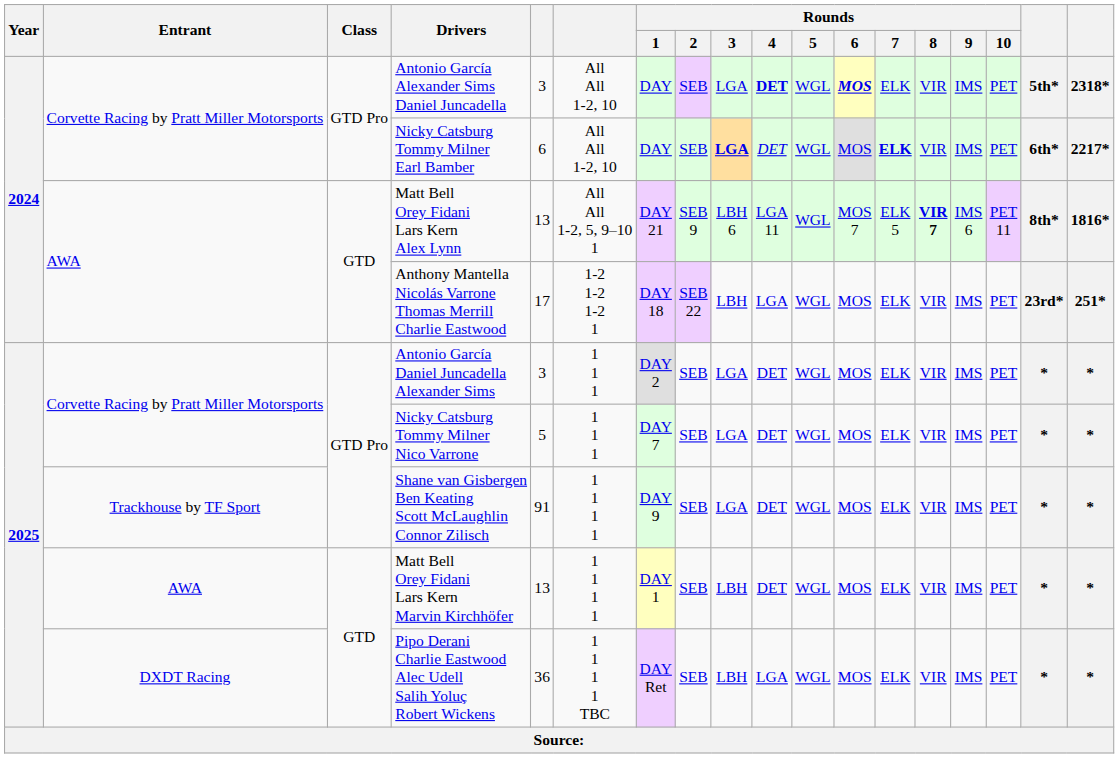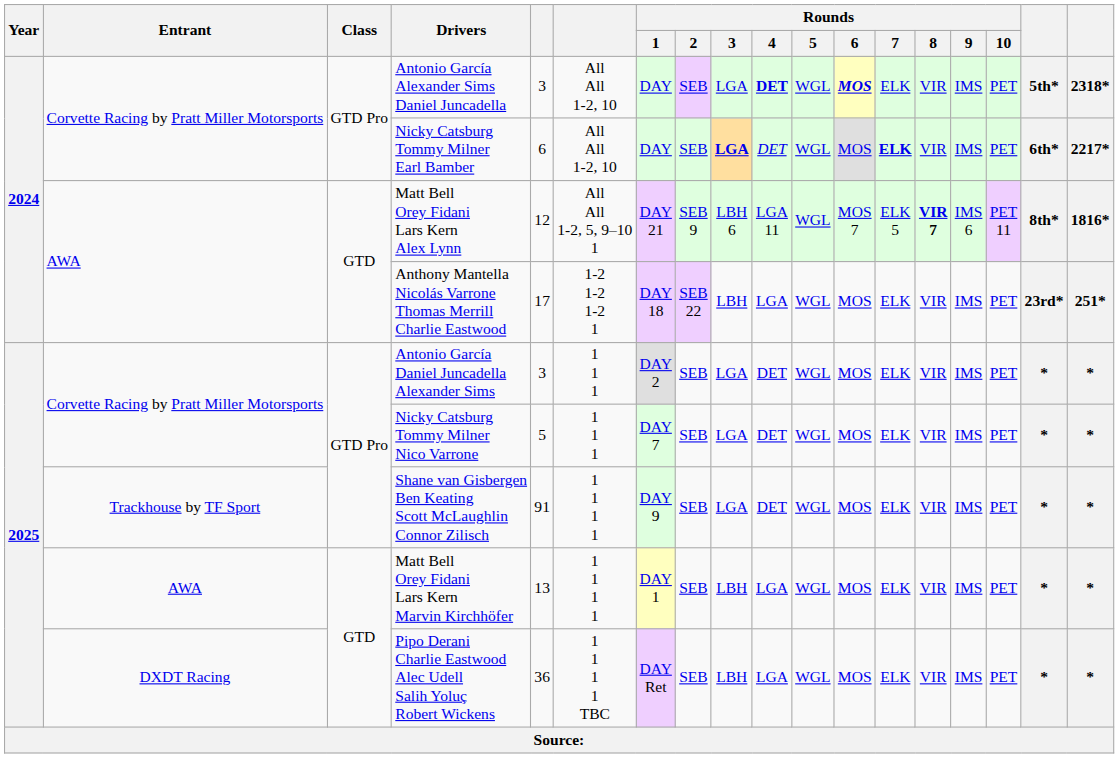 <table class="wikitable" style="text-align:center; font-size:90%">
 <tr>
 <th rowspan="2">Year</th>
 <th rowspan="2">Entrant</th>
 <th rowspan="2">Class</th>
 <th rowspan="2">Drivers</th>
 <th rowspan="2"></th>
 <th rowspan="2"></th>
 <th colspan="10">Rounds</th>
 <th rowspan="2" scope="col"></th>
 <th rowspan="2" scope="col"></th>
 </tr>
 <tr>
 <th scope="col">1</th>
 <th scope="col">2</th>
 <th scope="col">3</th>
 <th scope="col">4</th>
 <th scope="col">5</th>
 <th scope="col">6</th>
 <th scope="col">7</th>
 <th scope="col">8</th>
 <th scope="col">9</th>
 <th scope="col">10</th>
 </tr>
 <tr>
 <th rowspan="4"><a href='#'>2024</a></th>
 <td rowspan="2"  align="left" style="border-left:0px"> <a href='#'>Corvette Racing</a> by <a href='#'>Pratt Miller Motorsports</a></td>
 <td rowspan="2">GTD Pro</td>
 <td align="left " style="border-left:0px"> <a href='#'>Antonio García</a><br> <a href='#'>Alexander Sims</a><br> <a href='#'>Daniel Juncadella</a></td>
 <td>3</td>
 <td>All<br>All<br>1-2, 10</td>
 <td style="background:#DFFFDF;"><a href='#'>DAY</a><br></td>
 <td style="background:#EFCFFF;"><a href='#'>SEB</a><br></td>
 <td style="background:#DFFFDF;"><a href='#'>LGA</a><br></td>
 <td style="background:#DFFFDF;"><strong><a href='#'>DET</a></strong><br></td>
 <td style="background:#DFFFDF;"><a href='#'>WGL</a><br></td>
 <td style="background:#FFFFBF;”"><strong><em><a href='#'>MOS</a><br></em></strong></td>
 <td style="background:#DFFFDF;"><a href='#'>ELK</a><br></td>
 <td style="background:#DFFFDF;"><a href='#'>VIR</a><br></td>
 <td style="background:#DFFFDF;"><a href='#'>IMS</a><br></td>
 <td style="background:#DFFFDF;"><a href='#'>PET</a><br></td>
 <th>5th*</th>
 <th>2318*</th>
 </tr>
 <tr>
 <td align="left " style="border-left:0px"> <a href='#'>Nicky Catsburg</a><br> <a href='#'>Tommy Milner</a><br> <a href='#'>Earl Bamber</a></td>
 <td>6</td>
 <td>All<br>All<br>1-2, 10</td>
 <td style="background:#DFFFDF;"><a href='#'>DAY</a><br></td>
 <td style="background:#DFFFDF;"><a href='#'>SEB</a><br></td>
 <td style="background:#FFDF9F;"><strong><a href='#'>LGA</a></strong><br></td>
 <td style="background:#DFFFDF;"><em><a href='#'>DET</a></em><br></td>
 <td style="background:#DFFFDF;"><a href='#'>WGL</a><br></td>
 <td style="background:#DFDFDF;”"><a href='#'>MOS</a><br></td>
 <td style="background:#DFFFDF;"><strong><a href='#'>ELK</a><br></strong></td>
 <td style="background:#DFFFDF;"><a href='#'>VIR</a><br></td>
 <td style="background:#DFFFDF;"><a href='#'>IMS</a><br></td>
 <td style="background:#DFFFDF;"><a href='#'>PET</a><br></td>
 <th>6th*</th>
 <th>2217*</th>
 </tr>
 <tr>
 <td rowspan="2"  align="left" style="border-left:0px"> <a href='#'>AWA</a></td>
 <td rowspan="2">GTD</td>
 <td align="left " style="border-left:0px"> Matt Bell<br> <a href='#'>Orey Fidani</a><br> Lars Kern<br> <a href='#'>Alex Lynn</a></td>
-<td>13</td>
+<td>12</td>
 <td>All<br>All<br>1-2, 5, 9–10<br>1</td>
 <td style="background:#EFCFFF;"><a href='#'>DAY</a><br>21</td>
 <td style="background:#DFFFDF;"><a href='#'>SEB</a><br>9</td>
 <td style="background:#DFFFDF;"><a href='#'>LBH</a><br>6</td>
 <td style="background:#DFFFDF;"><a href='#'>LGA</a><br>11</td>
 <td style="background:#DFFFDF;"><a href='#'>WGL</a><br></td>
 <td style="background:#DFFFDF;"><a href='#'>MOS</a><br>7</td>
 <td style="background:#DFFFDF;"><a href='#'>ELK</a><br>5</td>
 <td style="background:#DFFFDF;"><strong><a href='#'>VIR</a><br>7</strong></td>
 <td style="background:#DFFFDF;"><a href='#'>IMS</a><br>6</td>
 <td style="background:#EFCFFF;"><a href='#'>PET</a><br>11</td>
 <th>8th*</th>
 <th>1816*</th>
 </tr>
 <tr>
 <td align="left " style="border-left:0px"> Anthony Mantella<br> <a href='#'>Nicolás Varrone</a><br> <a href='#'>Thomas Merrill</a><br> <a href='#'>Charlie Eastwood</a></td>
 <td>17</td>
 <td>1-2<br>1-2<br>1-2<br>1</td>
 <td style="background:#EFCFFF;"><a href='#'>DAY</a><br>18</td>
 <td style="background:#EFCFFF;"><a href='#'>SEB</a><br>22</td>
 <td><a href='#'>LBH</a><br></td>
 <td><a href='#'>LGA</a><br></td>
 <td><a href='#'>WGL</a><br></td>
 <td><a href='#'>MOS</a><br></td>
 <td><a href='#'>ELK</a><br></td>
 <td><a href='#'>VIR</a><br></td>
 <td><a href='#'>IMS</a><br></td>
 <td><a href='#'>PET</a><br></td>
 <th>23rd*</th>
 <th>251*</th>
 </tr>
 <tr>
 <th rowspan="5"><a href='#'>2025</a></th>
 <td rowspan="2"> <a href='#'>Corvette Racing</a> by <a href='#'>Pratt Miller Motorsports</a></td>
 <td rowspan="3">GTD Pro</td>
 <td align="left " style="border-left:0px"> <a href='#'>Antonio García</a><br> <a href='#'>Daniel Juncadella</a><br> <a href='#'>Alexander Sims</a></td>
 <td>3</td>
 <td>1<br>1<br>1</td>
 <td style="background:#DFDFDF;”"><a href='#'>DAY</a><br>2</td>
 <td><a href='#'>SEB</a><br></td>
 <td><a href='#'>LGA</a><br></td>
 <td><a href='#'>DET</a><br></td>
 <td><a href='#'>WGL</a><br></td>
 <td><a href='#'>MOS</a><br></td>
 <td><a href='#'>ELK</a><br></td>
 <td><a href='#'>VIR</a><br></td>
 <td><a href='#'>IMS</a><br></td>
 <td><a href='#'>PET</a><br></td>
 <th>*</th>
 <th>*</th>
 </tr>
 <tr>
 <td align="left " style="border-left:0px"> <a href='#'>Nicky Catsburg</a><br> <a href='#'>Tommy Milner</a><br> <a href='#'>Nico Varrone</a></td>
 <td>5</td>
 <td>1<br>1<br>1</td>
 <td style="background:#DFFFDF;"><a href='#'>DAY</a><br>7</td>
 <td><a href='#'>SEB</a><br></td>
 <td><a href='#'>LGA</a><br></td>
 <td><a href='#'>DET</a><br></td>
 <td><a href='#'>WGL</a><br></td>
 <td><a href='#'>MOS</a><br></td>
 <td><a href='#'>ELK</a><br></td>
 <td><a href='#'>VIR</a><br></td>
 <td><a href='#'>IMS</a><br></td>
 <td><a href='#'>PET</a><br></td>
 <th>*</th>
 <th>*</th>
 </tr>
 <tr>
 <td> <a href='#'>Trackhouse</a> by <a href='#'>TF Sport</a></td>
 <td align="left " style="border-left:0px"> <a href='#'>Shane van Gisbergen</a><br> <a href='#'>Ben Keating</a><br> <a href='#'>Scott McLaughlin</a><br> <a href='#'>Connor Zilisch</a></td>
 <td>91</td>
 <td>1<br>1<br>1<br>1</td>
 <td style="background:#DFFFDF;"><a href='#'>DAY</a><br>9</td>
 <td><a href='#'>SEB</a><br></td>
 <td><a href='#'>LGA</a><br></td>
 <td><a href='#'>DET</a><br></td>
 <td><a href='#'>WGL</a><br></td>
 <td><a href='#'>MOS</a><br></td>
 <td><a href='#'>ELK</a><br></td>
 <td><a href='#'>VIR</a><br></td>
 <td><a href='#'>IMS</a><br></td>
 <td><a href='#'>PET</a><br></td>
 <th>*</th>
 <th>*</th>
 </tr>
 <tr>
 <td> <a href='#'>AWA</a></td>
 <td rowspan="2">GTD</td>
 <td align="left " style="border-left:0px"> Matt Bell<br> <a href='#'>Orey Fidani</a><br> Lars Kern<br> <a href='#'>Marvin Kirchhöfer</a></td>
 <td>13</td>
 <td>1<br>1<br>1<br>1</td>
 <td style="background:#FFFFBF;”"><a href='#'>DAY</a><br>1</td>
 <td><a href='#'>SEB</a><br></td>
 <td><a href='#'>LBH</a><br></td>
-<td><a href='#'>DET</a><br></td>
+<td><a href='#'>LGA</a><br></td>
 <td><a href='#'>WGL</a><br></td>
 <td><a href='#'>MOS</a><br></td>
 <td><a href='#'>ELK</a><br></td>
 <td><a href='#'>VIR</a><br></td>
 <td><a href='#'>IMS</a><br></td>
 <td><a href='#'>PET</a><br></td>
 <th>*</th>
 <th>*</th>
 </tr>
 <tr>
 <td> <a href='#'>DXDT Racing</a></td>
 <td align="left " style="border-left:0px"> <a href='#'>Pipo Derani</a><br> <a href='#'>Charlie Eastwood</a><br> <a href='#'>Alec Udell</a><br> <a href='#'>Salih Yoluç</a><br> <a href='#'>Robert Wickens</a></td>
 <td>36</td>
 <td>1<br>1<br>1<br>1<br>TBC</td>
 <td style="background:#EFCFFF;"><a href='#'>DAY</a><br>Ret</td>
 <td><a href='#'>SEB</a><br></td>
 <td><a href='#'>LBH</a><br></td>
 <td><a href='#'>LGA</a><br></td>
 <td><a href='#'>WGL</a><br></td>
 <td><a href='#'>MOS</a><br></td>
 <td><a href='#'>ELK</a><br></td>
 <td><a href='#'>VIR</a><br></td>
 <td><a href='#'>IMS</a><br></td>
 <td><a href='#'>PET</a><br></td>
 <th>*</th>
 <th>*</th>
 </tr>
 <tr>
 <th colspan="18">Source:</th>
 </tr>
 </table>
